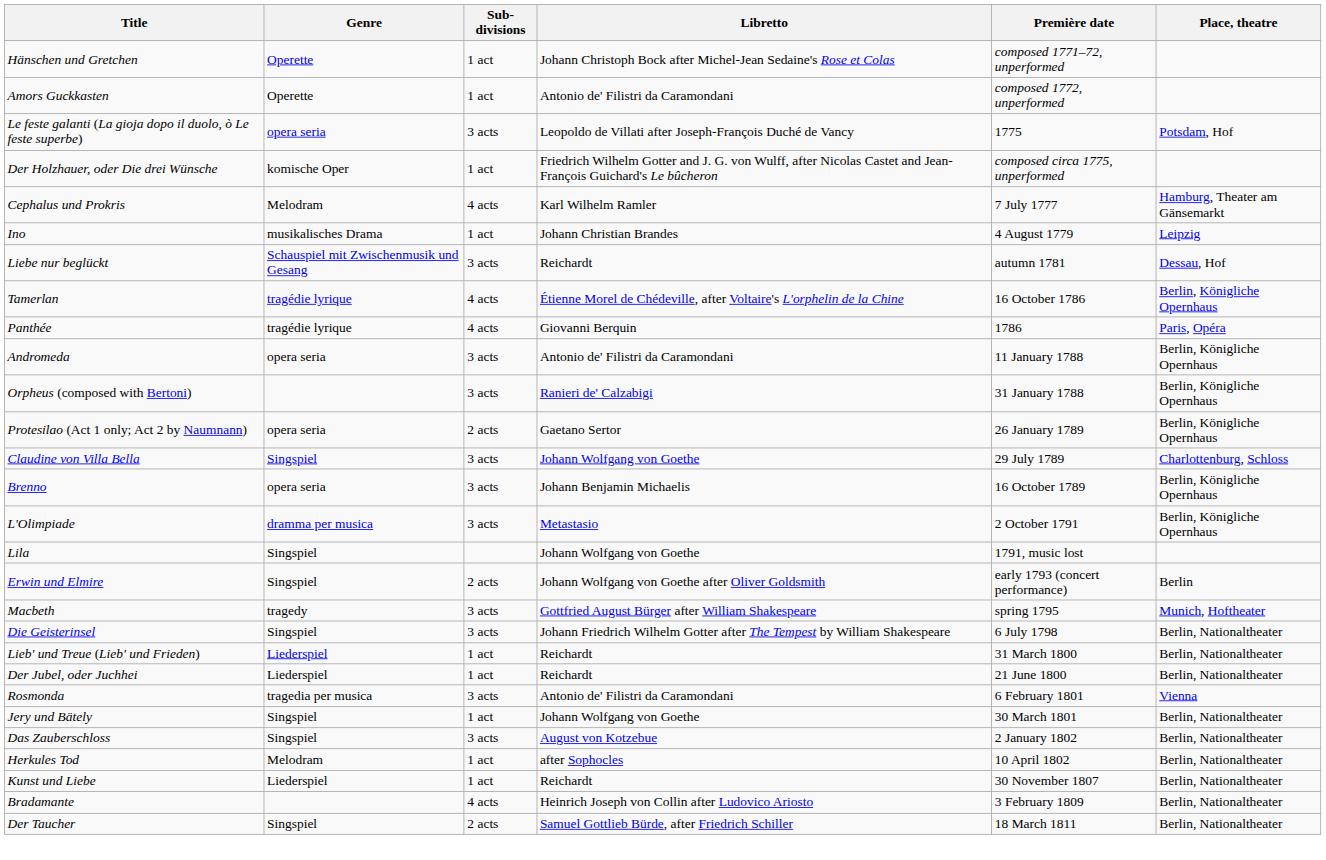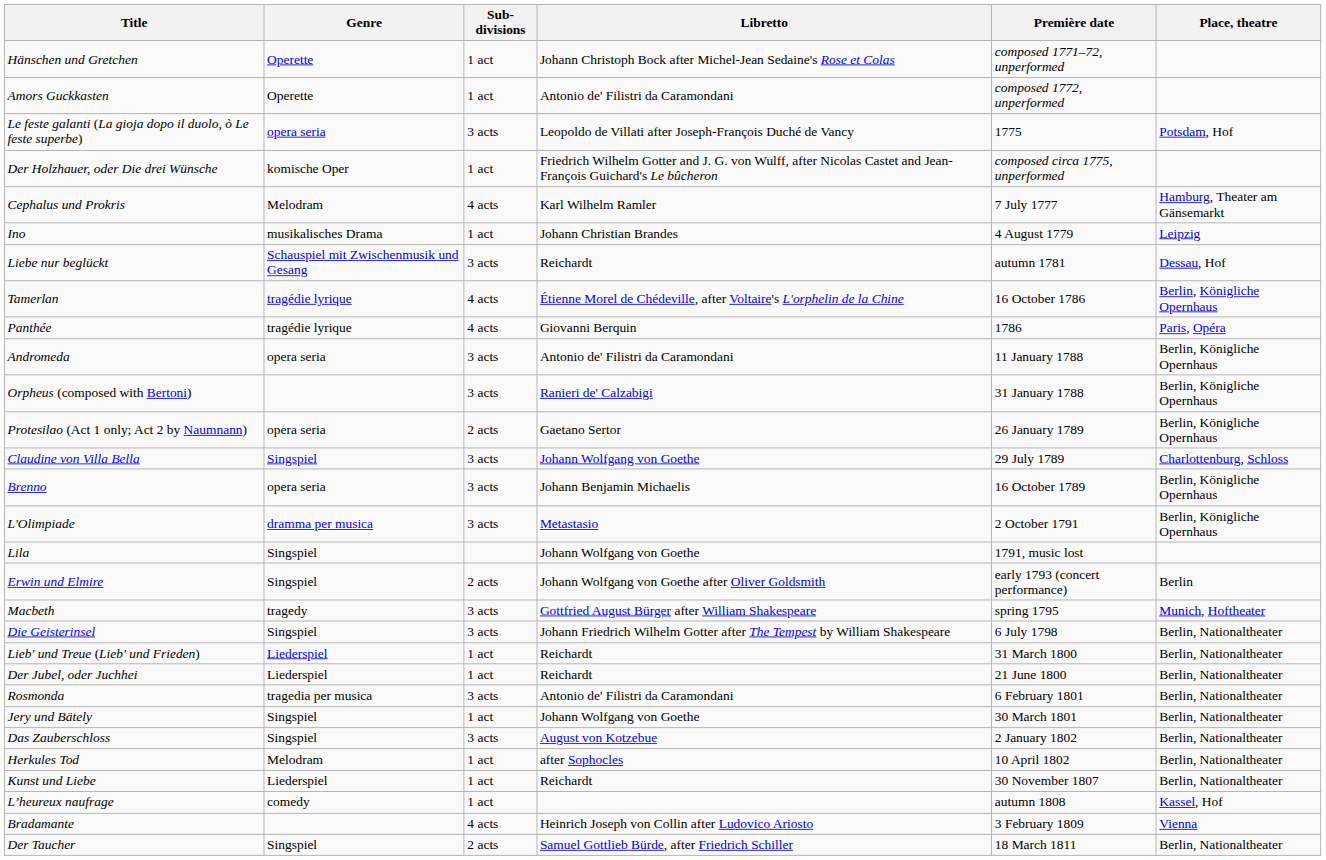 <table class="wikitable sortable">
 <tr>
 <th>Title</th>
 <th>Genre</th>
 <th>Sub­divisions</th>
 <th>Libretto</th>
 <th>Première date</th>
 <th>Place, theatre</th>
 </tr>
 <tr>
 <td><em>Hänschen und Gretchen</em></td>
 <td><a href='#'>Operette</a></td>
 <td>1 act</td>
 <td>Johann Christoph Bock after Michel-Jean Sedaine's <em><a href='#'>Rose et Colas</a></em></td>
 <td><em>composed 1771–72, unperformed</em></td>
 <td></td>
 </tr>
 <tr>
 <td><em>Amors Guckkasten</em></td>
 <td>Operette</td>
 <td>1 act</td>
 <td>Antonio de' Filistri da Caramondani</td>
 <td><em>composed 1772, unperformed</em></td>
 <td></td>
 </tr>
 <tr>
 <td><em>Le feste galanti</em> (<em>La gioja dopo il duolo, ò Le feste superbe</em>)</td>
 <td><a href='#'>opera seria</a></td>
 <td>3 acts</td>
 <td>Leopoldo de Villati after Joseph-François Duché de Vancy</td>
 <td>1775</td>
 <td><a href='#'>Potsdam</a>, Hof</td>
 </tr>
 <tr>
 <td><em>Der Holzhauer, oder Die drei Wünsche</em></td>
 <td>komische Oper</td>
 <td>1 act</td>
 <td>Friedrich Wilhelm Gotter and J. G. von Wulff, after Nicolas Castet and Jean-François Guichard's <em>Le bûcheron</em></td>
 <td><em>composed circa 1775, unperformed</em></td>
 <td></td>
 </tr>
 <tr>
 <td><em>Cephalus und Prokris</em></td>
 <td>Melodram</td>
 <td>4 acts</td>
 <td>Karl Wilhelm Ramler</td>
 <td>7 July 1777</td>
 <td><a href='#'>Hamburg</a>, Theater am Gänsemarkt</td>
 </tr>
 <tr>
 <td><em>Ino</em></td>
 <td>musikalisches Drama</td>
 <td>1 act</td>
 <td>Johann Christian Brandes</td>
 <td>4 August 1779</td>
 <td><a href='#'>Leipzig</a></td>
 </tr>
 <tr>
 <td><em>Liebe nur beglückt</em></td>
 <td><a href='#'>Schauspiel mit Zwischenmusik und Gesang</a></td>
 <td>3 acts</td>
 <td>Reichardt</td>
 <td>autumn 1781</td>
 <td><a href='#'>Dessau</a>, Hof</td>
 </tr>
 <tr>
 <td><em>Tamerlan</em></td>
 <td><a href='#'>tragédie lyrique</a></td>
 <td>4 acts</td>
 <td><a href='#'>Étienne Morel de Chédeville</a>, after <a href='#'>Voltaire</a>'s <em><a href='#'>L'orphelin de la Chine</a></em></td>
 <td>16 October 1786</td>
 <td><a href='#'>Berlin</a>, <a href='#'>Königliche Opernhaus</a></td>
 </tr>
 <tr>
 <td><em>Panthée</em></td>
 <td>tragédie lyrique</td>
 <td>4 acts</td>
 <td>Giovanni Berquin</td>
 <td>1786</td>
 <td><a href='#'>Paris</a>, <a href='#'>Opéra</a></td>
 </tr>
 <tr>
 <td><em>Andromeda</em></td>
 <td>opera seria</td>
 <td>3 acts</td>
 <td>Antonio de' Filistri da Caramondani</td>
 <td>11 January 1788</td>
 <td>Berlin, Königliche Opernhaus</td>
 </tr>
 <tr>
 <td><em>Orpheus</em> (composed with <a href='#'>Bertoni</a>)</td>
 <td></td>
 <td>3 acts</td>
 <td><a href='#'>Ranieri de' Calzabigi</a></td>
 <td>31 January 1788</td>
 <td>Berlin, Königliche Opernhaus</td>
 </tr>
 <tr>
 <td><em>Protesilao</em> (Act 1 only; Act 2 by <a href='#'>Naumnann</a>)</td>
 <td>opera seria</td>
 <td>2 acts</td>
 <td>Gaetano Sertor</td>
 <td>26 January 1789</td>
 <td>Berlin, Königliche Opernhaus</td>
 </tr>
 <tr>
 <td><em><a href='#'>Claudine von Villa Bella</a></em></td>
 <td><a href='#'>Singspiel</a></td>
 <td>3 acts</td>
 <td><a href='#'>Johann Wolfgang von Goethe</a></td>
 <td>29 July 1789</td>
 <td><a href='#'>Charlottenburg</a>, <a href='#'>Schloss</a></td>
 </tr>
 <tr>
 <td><em><a href='#'>Brenno</a></em></td>
 <td>opera seria</td>
 <td>3 acts</td>
 <td>Johann Benjamin Michaelis</td>
 <td>16 October 1789</td>
 <td>Berlin, Königliche Opernhaus</td>
 </tr>
 <tr>
 <td><em>L'Olimpiade</em></td>
 <td><a href='#'>dramma per musica</a></td>
 <td>3 acts</td>
 <td><a href='#'>Metastasio</a></td>
 <td>2 October 1791</td>
 <td>Berlin, Königliche Opernhaus</td>
 </tr>
 <tr>
 <td><em>Lila</em></td>
 <td>Singspiel</td>
 <td> </td>
 <td>Johann Wolfgang von Goethe</td>
 <td>1791, music lost</td>
 <td></td>
 </tr>
 <tr>
 <td><em><a href='#'>Erwin und Elmire</a></em></td>
 <td>Singspiel</td>
 <td>2 acts</td>
 <td>Johann Wolfgang von Goethe after <a href='#'>Oliver Goldsmith</a></td>
 <td>early 1793 (concert performance)</td>
 <td>Berlin</td>
 </tr>
 <tr>
 <td><em>Macbeth</em></td>
 <td>tragedy</td>
 <td>3 acts</td>
 <td><a href='#'>Gottfried August Bürger</a> after <a href='#'>William Shakespeare</a></td>
 <td>spring 1795</td>
 <td><a href='#'>Munich</a>, <a href='#'>Hoftheater</a></td>
 </tr>
 <tr>
 <td><em><a href='#'>Die Geisterinsel</a></em></td>
 <td>Singspiel</td>
 <td>3 acts</td>
 <td>Johann Friedrich Wilhelm Gotter after <em><a href='#'>The Tempest</a></em> by William Shakespeare</td>
 <td>6 July 1798</td>
 <td>Berlin, Nationaltheater</td>
 </tr>
 <tr>
 <td><em>Lieb' und Treue</em> (<em>Lieb' und Frieden</em>)</td>
 <td><a href='#'>Liederspiel</a></td>
 <td>1 act</td>
 <td>Reichardt</td>
 <td>31 March 1800</td>
 <td>Berlin, Nationaltheater</td>
 </tr>
 <tr>
 <td><em>Der Jubel, oder Juchhei</em></td>
 <td>Liederspiel</td>
 <td>1 act</td>
 <td>Reichardt</td>
 <td>21 June 1800</td>
 <td>Berlin, Nationaltheater</td>
 </tr>
 <tr>
 <td><em>Rosmonda</em></td>
 <td>tragedia per musica</td>
 <td>3 acts</td>
 <td>Antonio de' Filistri da Caramondani</td>
 <td>6 February 1801</td>
-<td><a href='#'>Vienna</a></td>
+<td>Berlin, Nationaltheater</td>
 </tr>
 <tr>
 <td><em>Jery und Bätely</em></td>
 <td>Singspiel</td>
 <td>1 act</td>
 <td>Johann Wolfgang von Goethe</td>
 <td>30 March 1801</td>
 <td>Berlin, Nationaltheater</td>
 </tr>
 <tr>
 <td><em>Das Zauberschloss</em></td>
 <td>Singspiel</td>
 <td>3 acts</td>
 <td><a href='#'>August von Kotzebue</a></td>
 <td>2 January 1802</td>
 <td>Berlin, Nationaltheater</td>
 </tr>
 <tr>
 <td><em>Herkules Tod</em></td>
 <td>Melodram</td>
 <td>1 act</td>
 <td>after <a href='#'>Sophocles</a></td>
 <td>10 April 1802</td>
 <td>Berlin, Nationaltheater</td>
 </tr>
 <tr>
 <td><em>Kunst und Liebe</em></td>
 <td>Liederspiel</td>
 <td>1 act</td>
 <td>Reichardt</td>
 <td>30 November 1807</td>
 <td>Berlin, Nationaltheater</td>
 </tr>
 <tr>
+<td><em>L’heureux naufrage</em></td>
+<td>comedy</td>
+<td>1 act</td>
+<td> </td>
+<td>autumn 1808</td>
+<td><a href='#'>Kassel</a>, Hof</td>
+</tr>
+<tr>
 <td><em>Bradamante</em></td>
 <td> </td>
 <td>4 acts</td>
 <td>Heinrich Joseph von Collin after <a href='#'>Ludovico Ariosto</a></td>
 <td>3 February 1809</td>
-<td>Berlin, Nationaltheater</td>
+<td><a href='#'>Vienna</a></td>
 </tr>
 <tr>
 <td><em>Der Taucher</em></td>
 <td>Singspiel</td>
 <td>2 acts</td>
 <td><a href='#'>Samuel Gottlieb Bürde</a>, after <a href='#'>Friedrich Schiller</a></td>
 <td>18 March 1811</td>
 <td>Berlin, Nationaltheater</td>
 </tr>
 </table>
